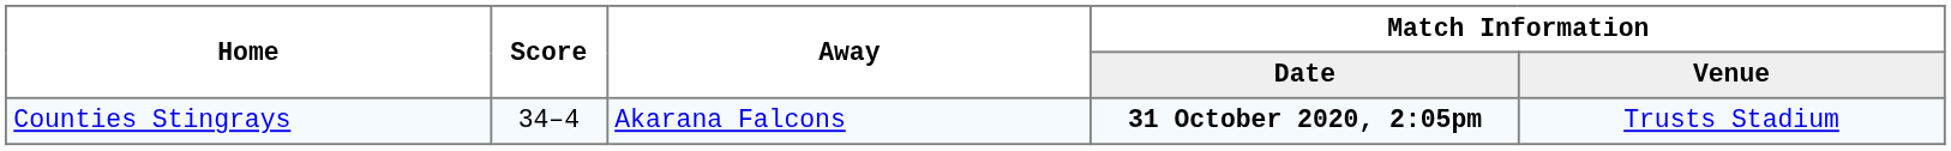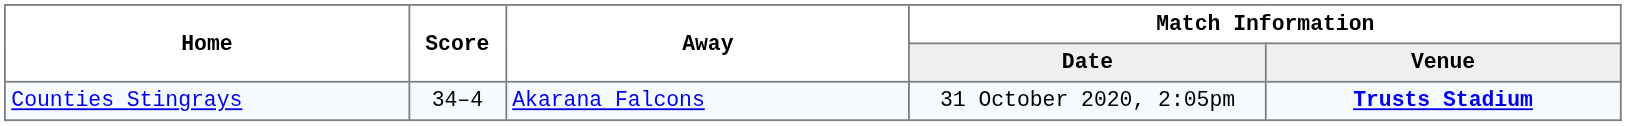 <table width="100%" cellspacing="0" cellpadding="3" border="1" style="border-collapse:collapse; font-size:90%; text-align:center;">
 <tr>
 <th rowspan="2" width="25%">Home</th>
 <th rowspan="2" width="6%">Score</th>
 <th rowspan="2" width="25%">Away</th>
 <th colspan="6">Match Information</th>
 </tr>
 <tr bgcolor="#EFEFEF">
 <th width="22%">Date</th>
 <th width="22%">Venue</th>
 </tr>
 <tr bgcolor="#F5FAFF">
 <td align="left"><a href='#'>Counties Stingrays</a></td>
 <td>34–4</td>
 <td align="left"><a href='#'>Akarana Falcons</a></td>
-<td><strong>31 October 2020, 2:05pm</strong></td>
-<td><a href='#'>Trusts Stadium</a></td>
+<td>31 October 2020, 2:05pm</td>
+<td><strong><a href='#'>Trusts Stadium</a></strong></td>
 </tr>
 </table>
